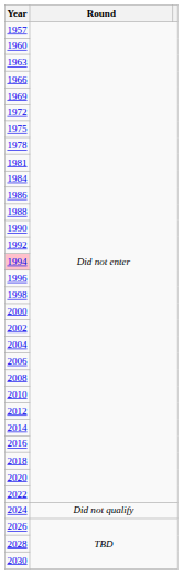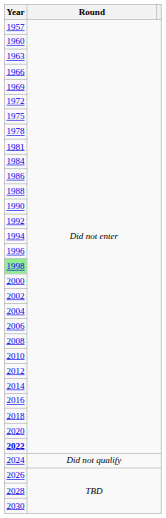 <table class="wikitable" style="text-align: center; font-size:90%">
 <tr>
 <th>Year</th>
 <th style="width:200px">Round</th>
 <th></th>
 </tr>
 <tr>
 <td><a href='#'>1957</a></td>
 <td colspan="2" rowspan="29"><em>Did not enter</em></td>
 </tr>
 <tr>
 <td><a href='#'>1960</a></td>
 </tr>
 <tr>
 <td><a href='#'>1963</a></td>
 </tr>
 <tr>
 <td><a href='#'>1966</a></td>
 </tr>
 <tr>
 <td><a href='#'>1969</a></td>
 </tr>
 <tr>
 <td><a href='#'>1972</a></td>
 </tr>
 <tr>
 <td><a href='#'>1975</a></td>
 </tr>
 <tr>
 <td><a href='#'>1978</a></td>
 </tr>
 <tr>
 <td><a href='#'>1981</a></td>
 </tr>
 <tr>
 <td><a href='#'>1984</a></td>
 </tr>
 <tr>
 <td><a href='#'>1986</a></td>
 </tr>
 <tr>
 <td><a href='#'>1988</a></td>
 </tr>
 <tr>
 <td><a href='#'>1990</a></td>
 </tr>
 <tr>
 <td><a href='#'>1992</a></td>
 </tr>
 <tr>
-<td style="background: pink;"><a href='#'>1994</a></td>
+<td><a href='#'>1994</a></td>
 </tr>
 <tr>
 <td><a href='#'>1996</a></td>
 </tr>
 <tr>
-<td><a href='#'>1998</a></td>
+<td style="background: lightgreen;"><a href='#'>1998</a></td>
 </tr>
 <tr>
 <td><a href='#'>2000</a></td>
 </tr>
 <tr>
 <td><a href='#'>2002</a></td>
 </tr>
 <tr>
 <td><a href='#'>2004</a></td>
 </tr>
 <tr>
 <td><a href='#'>2006</a></td>
 </tr>
 <tr>
 <td><a href='#'>2008</a></td>
 </tr>
 <tr>
 <td><a href='#'>2010</a></td>
 </tr>
 <tr>
 <td><a href='#'>2012</a></td>
 </tr>
 <tr>
 <td><a href='#'>2014</a></td>
 </tr>
 <tr>
 <td><a href='#'>2016</a></td>
 </tr>
 <tr>
 <td><a href='#'>2018</a></td>
 </tr>
 <tr>
 <td><a href='#'>2020</a></td>
 </tr>
 <tr>
-<td><a href='#'>2022</a></td>
+<td><strong><a href='#'>2022</a></strong></td>
 </tr>
 <tr>
 <td><a href='#'>2024</a></td>
 <td colspan="2" rowspan="1"><em>Did not qualify</em></td>
 </tr>
 <tr>
 <td><a href='#'>2026</a></td>
 <td colspan="2" rowspan="3"><em>TBD</em></td>
 </tr>
 <tr>
 <td><a href='#'>2028</a></td>
 </tr>
 <tr>
 <td><a href='#'>2030</a></td>
 </tr>
 </table>
